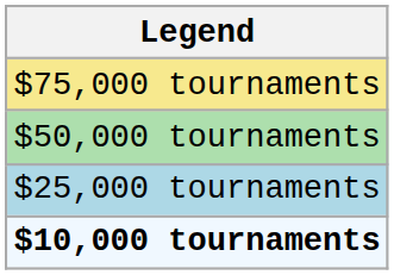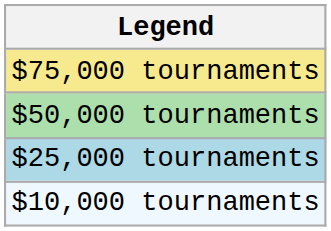 <table class="wikitable">
 <tr>
 <th>Legend</th>
 </tr>
 <tr style="background:#f7e98e;">
 <td>$75,000 tournaments</td>
 </tr>
 <tr style="background:#addfad;">
 <td>$50,000 tournaments</td>
 </tr>
 <tr style="background:lightblue;">
 <td>$25,000 tournaments</td>
 </tr>
 <tr style="background:#f0f8ff;">
-<td><strong>$10,000 tournaments</strong></td>
+<td>$10,000 tournaments</td>
 </tr>
 </table>
